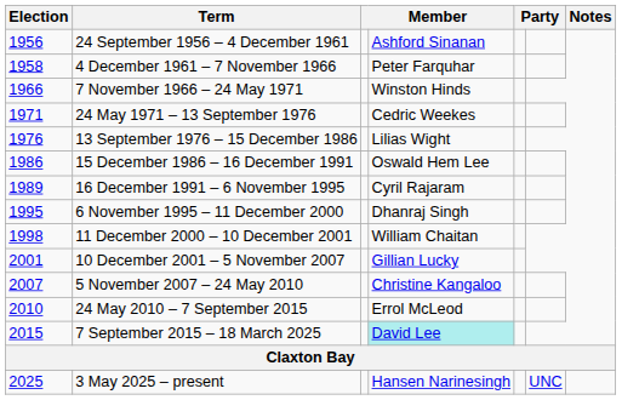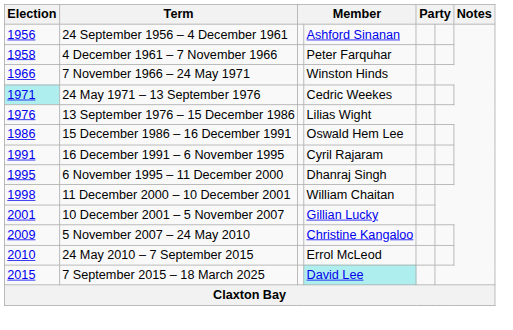 <table class="wikitable sortable" style="valign:top">
 <tr>
 <th>Election</th>
 <th>Term</th>
 <th colspan="2">Member</th>
 <th colspan="2">Party</th>
 <th>Notes</th>
 </tr>
 <tr>
 <td><a href='#'>1956</a></td>
 <td>24 September 1956 – 4 December 1961</td>
 <td></td>
 <td><a href='#'>Ashford Sinanan</a></td>
 <td></td>
 <td></td>
 </tr>
 <tr>
 <td><a href='#'>1958</a></td>
 <td>4 December 1961 – 7 November 1966</td>
 <td></td>
 <td>Peter Farquhar</td>
 <td></td>
 <td></td>
 </tr>
 <tr>
 <td><a href='#'>1966</a></td>
 <td>7 November 1966 – 24 May 1971</td>
 <td></td>
 <td>Winston Hinds</td>
 <td></td>
 </tr>
 <tr>
-<td><a href='#'>1971</a></td>
+<td style="background: paleturquoise;"><a href='#'>1971</a></td>
 <td>24 May 1971 – 13 September 1976</td>
 <td></td>
 <td>Cedric Weekes</td>
 <td></td>
 <td></td>
 </tr>
 <tr>
 <td><a href='#'>1976</a></td>
 <td>13 September 1976 – 15 December 1986</td>
 <td></td>
 <td>Lilias Wight</td>
 <td></td>
 </tr>
 <tr>
 <td><a href='#'>1986</a></td>
 <td>15 December 1986 – 16 December 1991</td>
 <td></td>
 <td>Oswald Hem Lee</td>
 <td></td>
 <td></td>
 </tr>
 <tr>
-<td><a href='#'>1989</a></td>
+<td><a href='#'>1991</a></td>
 <td>16 December 1991 – 6 November 1995</td>
 <td></td>
 <td>Cyril Rajaram</td>
 <td></td>
 <td></td>
 </tr>
 <tr>
 <td><a href='#'>1995</a></td>
 <td>6 November 1995 – 11 December 2000</td>
 <td></td>
 <td>Dhanraj Singh</td>
 <td></td>
 <td></td>
 </tr>
 <tr>
 <td><a href='#'>1998</a></td>
 <td>11 December 2000 – 10 December 2001</td>
 <td></td>
 <td>William Chaitan</td>
 <td></td>
 </tr>
 <tr>
 <td><a href='#'>2001</a></td>
 <td>10 December 2001 – 5 November 2007</td>
 <td></td>
 <td><a href='#'>Gillian Lucky</a></td>
 <td></td>
 </tr>
 <tr>
-<td><a href='#'>2007</a></td>
+<td><a href='#'>2009</a></td>
 <td>5 November 2007 – 24 May 2010</td>
 <td></td>
 <td><a href='#'>Christine Kangaloo</a></td>
 <td></td>
 <td></td>
 </tr>
 <tr>
 <td><a href='#'>2010</a></td>
 <td>24 May 2010 – 7 September 2015</td>
 <td></td>
 <td>Errol McLeod</td>
 <td></td>
 <td></td>
 </tr>
 <tr>
 <td><a href='#'>2015</a></td>
 <td>7 September 2015 – 18 March 2025</td>
 <td></td>
 <td style="background: paleturquoise;"><a href='#'>David Lee</a></td>
 <td></td>
 </tr>
 <tr>
 <th colspan="7">Claxton Bay</th>
 </tr>
-<tr>
-<td><a href='#'>2025</a></td>
-<td>3 May 2025 – present</td>
-<td></td>
-<td><a href='#'>Hansen Narinesingh</a></td>
-<td style="background:"> </td>
-<td><a href='#'>UNC</a></td>
-<td></td>
-</tr>
 </table>
